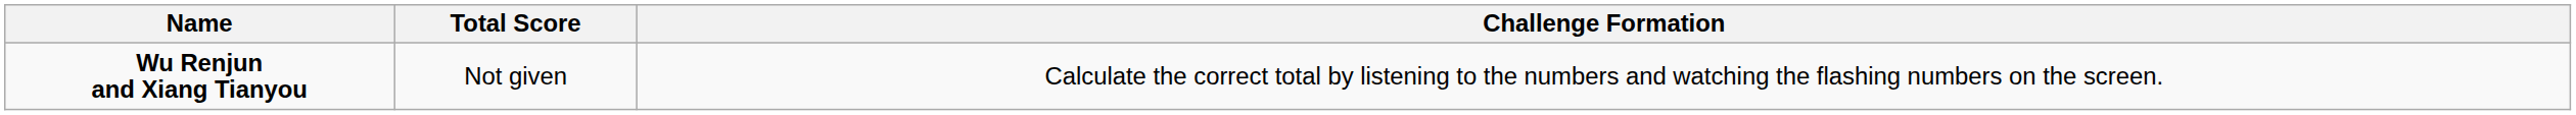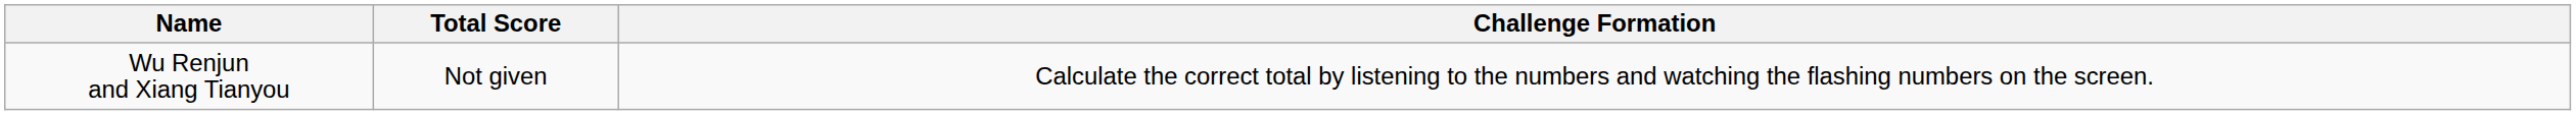 <table class="wikitable" style="width:85%; text-align:center">
 <tr>
 <th>Name</th>
 <th>Total Score</th>
 <th>Challenge Formation</th>
 </tr>
 <tr>
-<td><strong>Wu Renjun <br> and Xiang Tianyou</strong></td>
+<td>Wu Renjun <br> and Xiang Tianyou</td>
 <td>Not given</td>
 <td>Calculate the correct total by listening to the numbers and watching the flashing numbers on the screen.</td>
 </tr>
 </table>
